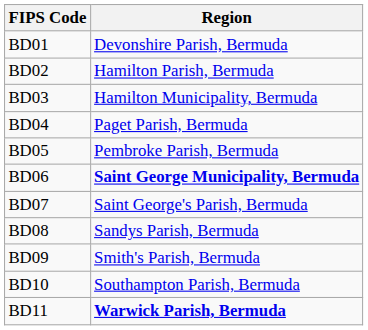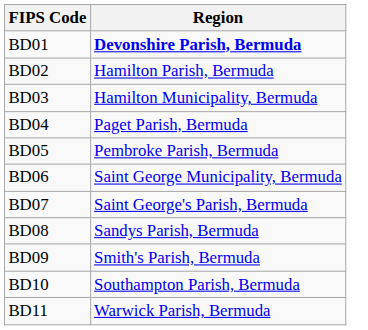 <table class="wikitable">
 <tr>
 <th>FIPS Code</th>
 <th>Region</th>
 </tr>
 <tr>
 <td>BD01</td>
-<td><a href='#'>Devonshire Parish, Bermuda</a></td>
+<td><strong><a href='#'>Devonshire Parish, Bermuda</a></strong></td>
 </tr>
 <tr>
 <td>BD02</td>
 <td><a href='#'>Hamilton Parish, Bermuda</a></td>
 </tr>
 <tr>
 <td>BD03</td>
 <td><a href='#'>Hamilton Municipality, Bermuda</a></td>
 </tr>
 <tr>
 <td>BD04</td>
 <td><a href='#'>Paget Parish, Bermuda</a></td>
 </tr>
 <tr>
 <td>BD05</td>
 <td><a href='#'>Pembroke Parish, Bermuda</a></td>
 </tr>
 <tr>
 <td>BD06</td>
-<td><strong><a href='#'>Saint George Municipality, Bermuda</a></strong></td>
+<td><a href='#'>Saint George Municipality, Bermuda</a></td>
 </tr>
 <tr>
 <td>BD07</td>
 <td><a href='#'>Saint George's Parish, Bermuda</a></td>
 </tr>
 <tr>
 <td>BD08</td>
 <td><a href='#'>Sandys Parish, Bermuda</a></td>
 </tr>
 <tr>
 <td>BD09</td>
 <td><a href='#'>Smith's Parish, Bermuda</a></td>
 </tr>
 <tr>
 <td>BD10</td>
 <td><a href='#'>Southampton Parish, Bermuda</a></td>
 </tr>
 <tr>
 <td>BD11</td>
-<td><strong><a href='#'>Warwick Parish, Bermuda</a></strong></td>
+<td><a href='#'>Warwick Parish, Bermuda</a></td>
 </tr>
 </table>
